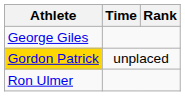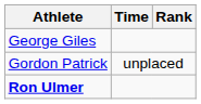 <table class="wikitable" style="font-size:90%;">
 <tr>
 <th>Athlete</th>
 <th>Time</th>
 <th>Rank</th>
 </tr>
 <tr align=center>
 <td align=left><a href='#'>George Giles</a></td>
 <td colspan=2></td>
 </tr>
 <tr align=center>
-<td align=left style="background: gold;"><a href='#'>Gordon Patrick</a></td>
+<td align=left><a href='#'>Gordon Patrick</a></td>
 <td colspan=2>unplaced</td>
 </tr>
 <tr align=center>
-<td align=left><a href='#'>Ron Ulmer</a></td>
+<td align=left><strong><a href='#'>Ron Ulmer</a></strong></td>
 <td colspan=2></td>
 </tr>
 </table>
